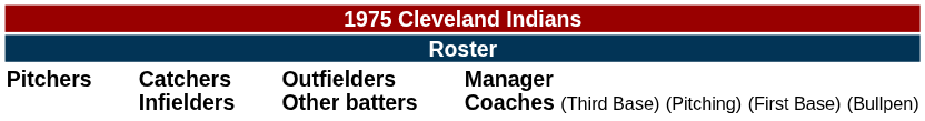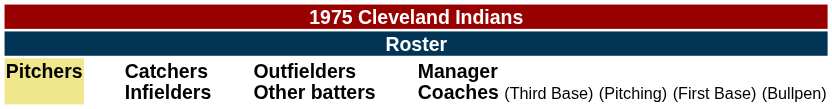 <table class="toccolours" style="font-size: 95%;">
 <tr>
 <th colspan="10" style="background-color: #990000; color: white; text-align: center;">1975 Cleveland Indians</th>
 </tr>
 <tr>
 <td colspan="10" style="background-color: #023456; color: white; text-align: center;"><strong>Roster</strong></td>
 </tr>
 <tr>
-<td valign="top"><strong>Pitchers</strong><br>                  </td>
+<td valign="top" style="background: khaki;"><strong>Pitchers</strong><br>                  </td>
 <td width="25px"></td>
 <td valign="top"><strong>Catchers</strong><br>   <strong>Infielders</strong>          </td>
 <td width="25px"></td>
 <td valign="top"><strong>Outfielders</strong><br>        <strong>Other batters</strong> </td>
 <td width="25px"></td>
 <td valign="top"><strong>Manager</strong><br> <strong>Coaches</strong>  <small>(Third Base)</small>  <small>(Pitching)</small>  <small>(First Base)</small>  <small>(Bullpen)</small></td>
 </tr>
 </table>
